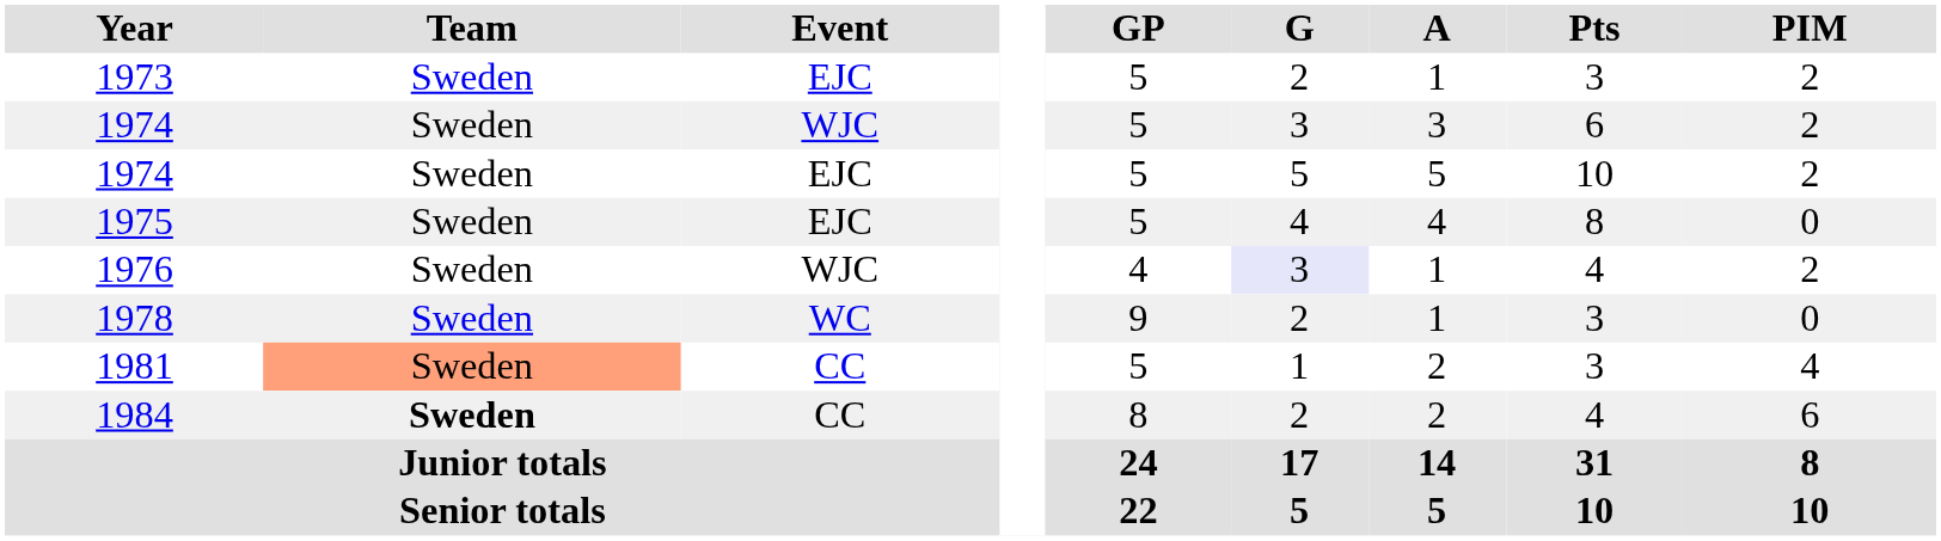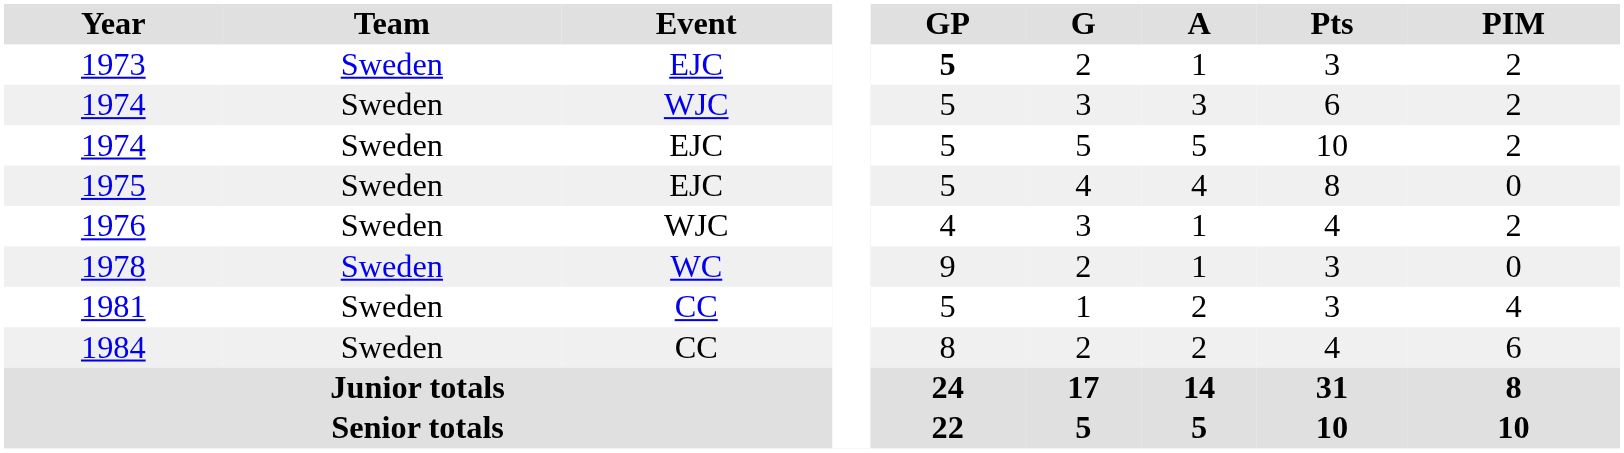 <table border="0" cellpadding="1" cellspacing="0" style="text-align:center; width:50em">
 <tr ALIGN="center" bgcolor="#e0e0e0">
 <th>Year</th>
 <th>Team</th>
 <th>Event</th>
 <th rowspan="99" bgcolor="#ffffff"> </th>
 <th>GP</th>
 <th>G</th>
 <th>A</th>
 <th>Pts</th>
 <th>PIM</th>
 </tr>
 <tr>
 <td><a href='#'>1973</a></td>
 <td><a href='#'>Sweden</a></td>
 <td><a href='#'>EJC</a></td>
-<td>5</td>
+<td><strong>5</strong></td>
 <td>2</td>
 <td>1</td>
 <td>3</td>
 <td>2</td>
 </tr>
 <tr bgcolor="#f0f0f0">
 <td><a href='#'>1974</a></td>
 <td>Sweden</td>
 <td><a href='#'>WJC</a></td>
 <td>5</td>
 <td>3</td>
 <td>3</td>
 <td>6</td>
 <td>2</td>
 </tr>
 <tr>
 <td><a href='#'>1974</a></td>
 <td>Sweden</td>
 <td>EJC</td>
 <td>5</td>
 <td>5</td>
 <td>5</td>
 <td>10</td>
 <td>2</td>
 </tr>
 <tr bgcolor="#f0f0f0">
 <td><a href='#'>1975</a></td>
 <td>Sweden</td>
 <td>EJC</td>
 <td>5</td>
 <td>4</td>
 <td>4</td>
 <td>8</td>
 <td>0</td>
 </tr>
 <tr>
 <td><a href='#'>1976</a></td>
 <td>Sweden</td>
 <td>WJC</td>
 <td>4</td>
-<td style="background: lavender;">3</td>
+<td>3</td>
 <td>1</td>
 <td>4</td>
 <td>2</td>
 </tr>
 <tr bgcolor="#f0f0f0">
 <td><a href='#'>1978</a></td>
 <td><a href='#'>Sweden</a></td>
 <td><a href='#'>WC</a></td>
 <td>9</td>
 <td>2</td>
 <td>1</td>
 <td>3</td>
 <td>0</td>
 </tr>
 <tr>
 <td><a href='#'>1981</a></td>
-<td style="background: lightsalmon;">Sweden</td>
+<td>Sweden</td>
 <td><a href='#'>CC</a></td>
 <td>5</td>
 <td>1</td>
 <td>2</td>
 <td>3</td>
 <td>4</td>
 </tr>
 <tr bgcolor="#f0f0f0">
 <td><a href='#'>1984</a></td>
-<td><strong>Sweden</strong></td>
+<td>Sweden</td>
 <td>CC</td>
 <td>8</td>
 <td>2</td>
 <td>2</td>
 <td>4</td>
 <td>6</td>
 </tr>
 <tr bgcolor="#e0e0e0">
 <th colspan=3>Junior totals</th>
 <th>24</th>
 <th>17</th>
 <th>14</th>
 <th>31</th>
 <th>8</th>
 </tr>
 <tr bgcolor="#e0e0e0">
 <th colspan=3>Senior totals</th>
 <th>22</th>
 <th>5</th>
 <th>5</th>
 <th>10</th>
 <th>10</th>
 </tr>
 </table>
